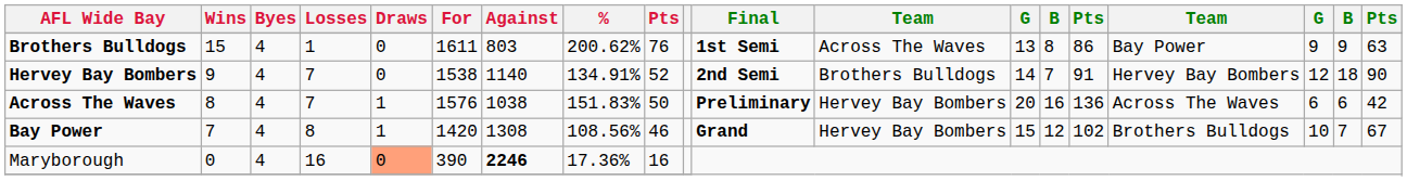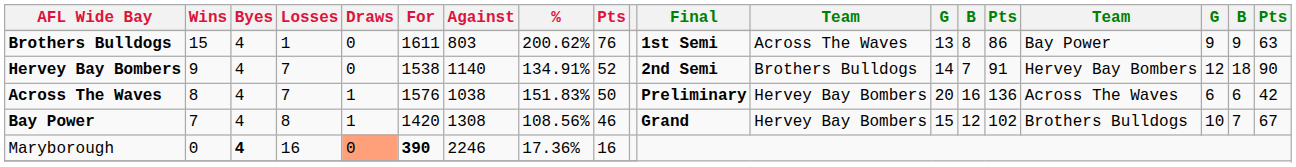 <table class="wikitable">
 <tr>
 <th style="color:crimson">AFL Wide Bay</th>
 <th style="color:crimson">Wins</th>
 <th style="color:crimson">Byes</th>
 <th style="color:crimson">Losses</th>
 <th style="color:crimson">Draws</th>
 <th style="color:crimson">For</th>
 <th style="color:crimson">Against</th>
 <th style="color:crimson">%</th>
 <th style="color:crimson">Pts</th>
 <th></th>
 <th style="color:green">Final</th>
 <th style="color:green">Team</th>
 <th style="color:green">G</th>
 <th style="color:green">B</th>
 <th style="color:green">Pts</th>
 <th style="color:green">Team</th>
 <th style="color:green">G</th>
 <th style="color:green">B</th>
 <th style="color:green">Pts</th>
 </tr>
 <tr>
 </tr>
 <tr>
 </tr>
 <tr>
 <td><strong>	Brothers Bulldogs	</strong></td>
 <td>15</td>
 <td>4</td>
 <td>1</td>
 <td>0</td>
 <td>1611</td>
 <td>803</td>
 <td>200.62%</td>
 <td>76</td>
 <td></td>
 <td><strong>1st Semi</strong></td>
 <td>Across The Waves</td>
 <td>13</td>
 <td>8</td>
 <td>86</td>
 <td>Bay Power</td>
 <td>9</td>
 <td>9</td>
 <td>63</td>
 </tr>
 <tr>
 <td><strong>	Hervey Bay Bombers	</strong></td>
 <td>9</td>
 <td>4</td>
 <td>7</td>
 <td>0</td>
 <td>1538</td>
 <td>1140</td>
 <td>134.91%</td>
 <td>52</td>
 <td></td>
 <td><strong>2nd Semi</strong></td>
 <td>Brothers Bulldogs</td>
 <td>14</td>
 <td>7</td>
 <td>91</td>
 <td>Hervey Bay Bombers</td>
 <td>12</td>
 <td>18</td>
 <td>90</td>
 </tr>
 <tr>
 <td><strong>	Across The Waves	</strong></td>
 <td>8</td>
 <td>4</td>
 <td>7</td>
 <td>1</td>
 <td>1576</td>
 <td>1038</td>
 <td>151.83%</td>
 <td>50</td>
 <td></td>
 <td><strong>Preliminary</strong></td>
 <td>Hervey Bay Bombers</td>
 <td>20</td>
 <td>16</td>
 <td>136</td>
 <td>Across The Waves</td>
 <td>6</td>
 <td>6</td>
 <td>42</td>
 </tr>
 <tr>
 <td><strong>	Bay Power	</strong></td>
 <td>7</td>
 <td>4</td>
 <td>8</td>
 <td>1</td>
 <td>1420</td>
 <td>1308</td>
 <td>108.56%</td>
 <td>46</td>
 <td></td>
 <td><strong>Grand</strong></td>
 <td>Hervey Bay Bombers</td>
 <td>15</td>
 <td>12</td>
 <td>102</td>
 <td>Brothers Bulldogs</td>
 <td>10</td>
 <td>7</td>
 <td>67</td>
 </tr>
 <tr>
 <td>Maryborough</td>
 <td>0</td>
-<td>4</td>
+<td><strong>4</strong></td>
 <td>16</td>
 <td style="background: lightsalmon;">0</td>
-<td>390</td>
-<td><strong>2246</strong></td>
+<td><strong>390</strong></td>
+<td>2246</td>
 <td>17.36%</td>
 <td>16</td>
 <td></td>
 </tr>
 <tr>
 </tr>
 </table>
